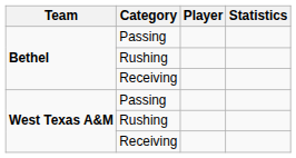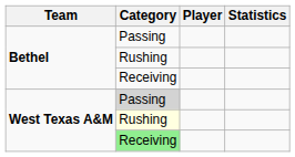 <table class="wikitable" style="float: right;">
 <tr>
 <th>Team</th>
 <th>Category</th>
 <th>Player</th>
 <th>Statistics</th>
 </tr>
 <tr>
 <td rowspan=3><strong>Bethel</strong></td>
 <td>Passing</td>
 <td></td>
 <td></td>
 </tr>
 <tr>
 <td>Rushing</td>
 <td></td>
 <td></td>
 </tr>
 <tr>
 <td>Receiving</td>
 <td></td>
 <td></td>
 </tr>
 <tr>
 <td rowspan=3><strong>West Texas A&M</strong></td>
-<td>Passing</td>
+<td style="background: lightgrey;">Passing</td>
 <td></td>
 <td></td>
 </tr>
 <tr>
-<td>Rushing</td>
+<td style="background: lightyellow;">Rushing</td>
 <td></td>
 <td></td>
 </tr>
 <tr>
-<td>Receiving</td>
+<td style="background: lightgreen;">Receiving</td>
 <td></td>
 <td></td>
 </tr>
 </table>
